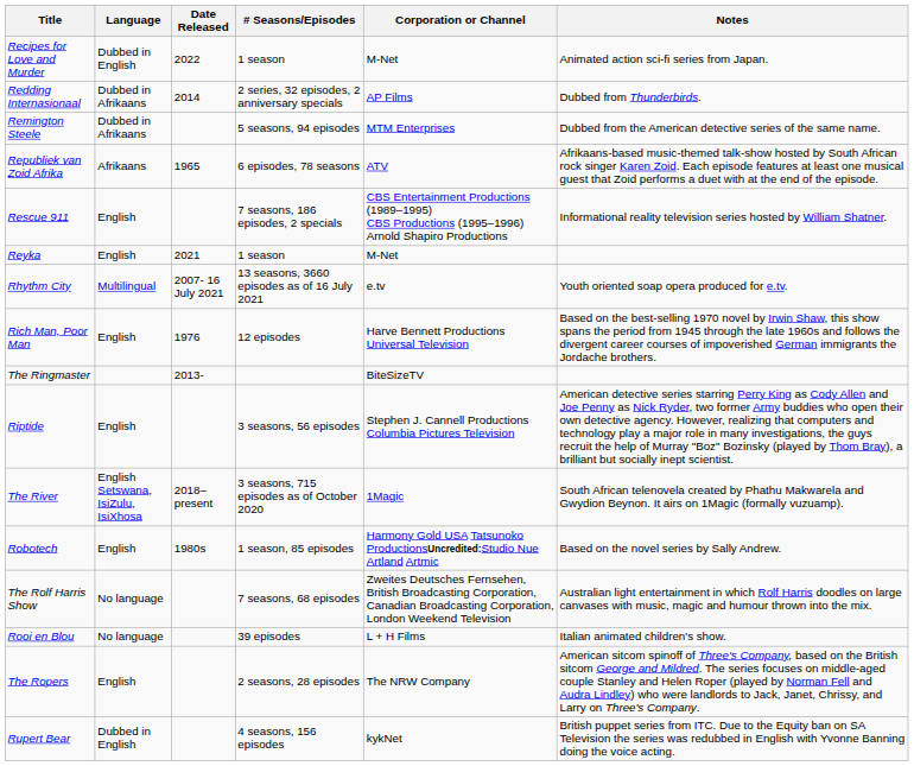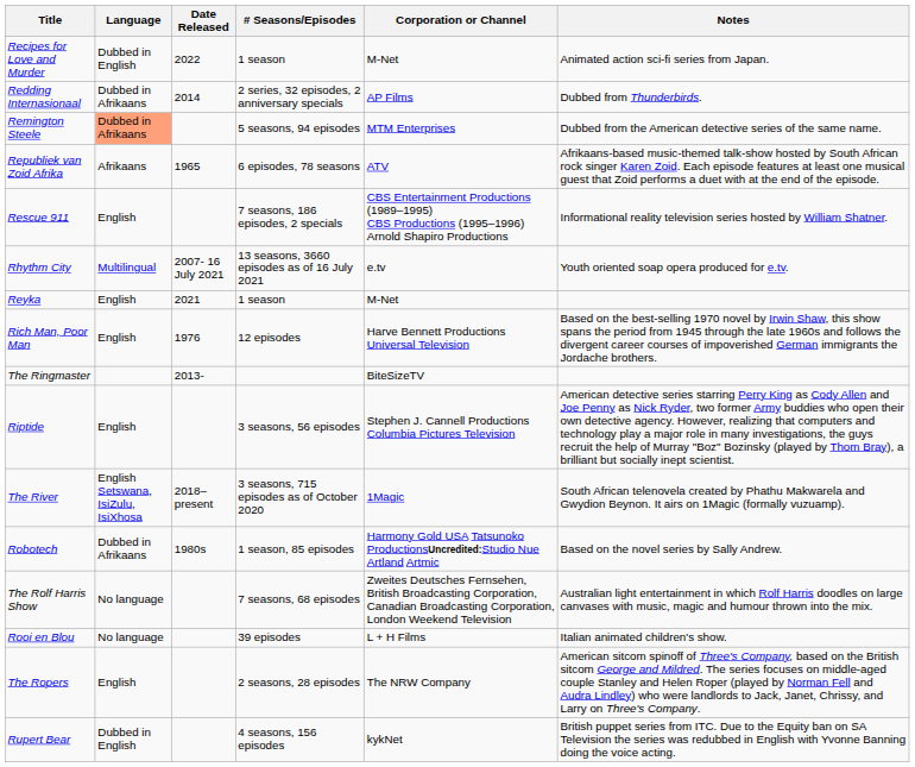 <table class="wikitable sortable">
 <tr>
 <th>Title</th>
 <th>Language</th>
 <th>Date Released</th>
 <th># Seasons/Episodes</th>
 <th>Corporation or Channel</th>
 <th>Notes</th>
 </tr>
 <tr>
 <td><em><a href='#'>Recipes for Love and Murder</a></em></td>
 <td>Dubbed in English</td>
 <td>2022</td>
 <td>1 season</td>
 <td>M-Net</td>
 <td>Animated action sci-fi series from Japan.</td>
 </tr>
 <tr>
 <td><em><a href='#'>Redding Internasionaal</a></em></td>
 <td>Dubbed in Afrikaans</td>
 <td>2014</td>
 <td>2 series, 32 episodes, 2 anniversary specials</td>
 <td><a href='#'>AP Films</a></td>
 <td>Dubbed from <em><a href='#'>Thunderbirds</a>.</em></td>
 </tr>
 <tr>
 <td><em><a href='#'>Remington Steele</a></em></td>
-<td>Dubbed in Afrikaans</td>
+<td style="background: lightsalmon;">Dubbed in Afrikaans</td>
 <td></td>
 <td>5 seasons, 94 episodes</td>
 <td><a href='#'>MTM Enterprises</a></td>
 <td>Dubbed from the American detective series of the same name.</td>
 </tr>
 <tr>
 <td><em><a href='#'>Republiek van Zoid Afrika</a></em></td>
 <td>Afrikaans</td>
 <td>1965</td>
 <td>6 episodes, 78 seasons</td>
 <td><a href='#'>ATV</a></td>
 <td>Afrikaans-based music-themed talk-show hosted by South African rock singer <a href='#'>Karen Zoid</a>. Each episode features at least one musical guest that Zoid performs a duet with at the end of the episode.</td>
 </tr>
 <tr>
 <td><em><a href='#'>Rescue 911</a></em></td>
 <td>English</td>
 <td></td>
 <td>7 seasons, 186 episodes, 2 specials</td>
 <td><a href='#'>CBS Entertainment Productions</a> (1989–1995)<br><a href='#'>CBS Productions</a> (1995–1996) Arnold Shapiro Productions</td>
 <td>Informational reality television series hosted by <a href='#'>William Shatner</a>.</td>
 </tr>
 <tr>
+<td><em><a href='#'>Rhythm City</a></em></td>
+<td><a href='#'>Multilingual</a></td>
+<td>2007- 16 July 2021</td>
+<td>13 seasons, 3660 episodes as of 16 July 2021</td>
+<td>e.tv</td>
+<td>Youth oriented soap opera produced for <a href='#'>e.tv</a>.</td>
+</tr>
+<tr>
 <td><em><a href='#'>Reyka</a></em></td>
 <td>English</td>
 <td>2021</td>
 <td>1 season</td>
 <td>M-Net</td>
 <td></td>
-</tr>
-<tr>
-<td><em><a href='#'>Rhythm City</a></em></td>
-<td><a href='#'>Multilingual</a></td>
-<td>2007- 16 July 2021</td>
-<td>13 seasons, 3660 episodes as of 16 July 2021</td>
-<td>e.tv</td>
-<td>Youth oriented soap opera produced for <a href='#'>e.tv</a>.</td>
 </tr>
 <tr>
 <td><em><a href='#'>Rich Man, Poor Man</a></em></td>
 <td>English</td>
 <td>1976</td>
 <td>12 episodes</td>
 <td>Harve Bennett Productions<br><a href='#'>Universal Television</a></td>
 <td>Based on the best-selling 1970 novel by <a href='#'>Irwin Shaw</a>, this show spans the period from 1945 through the late 1960s and follows the divergent career courses of impoverished <a href='#'>German</a> immigrants the Jordache brothers.</td>
 </tr>
 <tr>
 <td><em>The Ringmaster</em></td>
 <td></td>
 <td>2013-</td>
 <td></td>
 <td>BiteSizeTV</td>
 <td></td>
 </tr>
 <tr>
 <td><em><a href='#'>Riptide</a></em></td>
 <td>English</td>
 <td></td>
 <td>3 seasons, 56 episodes</td>
 <td>Stephen J. Cannell Productions<br><a href='#'>Columbia Pictures Television</a></td>
 <td>American detective series starring <a href='#'>Perry King</a> as <a href='#'>Cody Allen</a> and <a href='#'>Joe Penny</a> as <a href='#'>Nick Ryder</a>, two former <a href='#'>Army</a> buddies who open their own detective agency. However, realizing that computers and technology play a major role in many investigations, the guys recruit the help of Murray "Boz" Bozinsky (played by <a href='#'>Thom Bray</a>), a brilliant but socially inept scientist.</td>
 </tr>
 <tr>
 <td><em><a href='#'>The River</a></em></td>
 <td>English<br><a href='#'>Setswana</a>, <a href='#'>IsiZulu</a>, <a href='#'>IsiXhosa</a></td>
 <td>2018–present</td>
 <td>3 seasons, 715 episodes as of October 2020</td>
 <td><a href='#'>1Magic</a></td>
 <td>South African telenovela created by Phathu Makwarela and Gwydion Beynon. It airs on 1Magic (formally vuzuamp).</td>
 </tr>
 <tr>
 <td><em><a href='#'>Robotech</a></em></td>
-<td>English</td>
+<td>Dubbed in Afrikaans</td>
 <td>1980s</td>
 <td>1 season, 85 episodes</td>
 <td><a href='#'>Harmony Gold USA</a> <a href='#'>Tatsunoko Productions</a><small><strong>Uncredited:</strong></small><a href='#'>Studio Nue</a> <a href='#'>Artland</a> <a href='#'>Artmic</a></td>
 <td>Based on the novel series by Sally Andrew.</td>
 </tr>
 <tr>
 <td><em>The Rolf Harris Show</em></td>
 <td>No language</td>
 <td></td>
 <td>7 seasons, 68 episodes</td>
 <td>Zweites Deutsches Fernsehen,<br>British Broadcasting Corporation,<br>Canadian Broadcasting Corporation,<br>London Weekend Television</td>
 <td>Australian light entertainment in which <a href='#'>Rolf Harris</a> doodles on large canvases with music, magic and humour thrown into the mix.</td>
 </tr>
 <tr>
 <td><em><a href='#'>Rooi en Blou</a></em></td>
 <td>No language</td>
 <td></td>
 <td>39 episodes</td>
 <td>L + H Films</td>
 <td>Italian animated children's show.</td>
 </tr>
 <tr>
 <td><em><a href='#'>The Ropers</a></em></td>
 <td>English</td>
 <td></td>
 <td>2 seasons, 28 episodes</td>
 <td>The NRW Company</td>
 <td>American sitcom spinoff of <em><a href='#'>Three's Company</a>,</em> based on the British sitcom <em><a href='#'>George and Mildred</a></em>. The series focuses on middle-aged couple Stanley and Helen Roper (played by <a href='#'>Norman Fell</a> and <a href='#'>Audra Lindley</a>) who were landlords to Jack, Janet, Chrissy, and Larry on <em>Three's Company</em>.</td>
 </tr>
 <tr>
 <td><em><a href='#'>Rupert Bear</a></em></td>
 <td>Dubbed in English</td>
 <td></td>
 <td>4 seasons, 156 episodes</td>
 <td>kykNet</td>
 <td>British puppet series from ITC. Due to the Equity ban on SA Television the series was redubbed in English with Yvonne Banning doing the voice acting.</td>
 </tr>
 </table>
